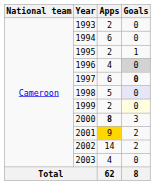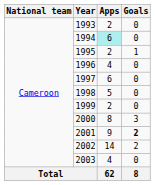 <table class="wikitable" style="text-align:center">
 <tr>
 <th>National team</th>
 <th>Year</th>
 <th>Apps</th>
 <th>Goals</th>
 </tr>
 <tr>
 <td rowspan="11"><a href='#'>Cameroon</a></td>
 <td>1993</td>
 <td>2</td>
 <td>0</td>
 </tr>
 <tr>
 <td>1994</td>
-<td>6</td>
+<td style="background: paleturquoise;">6</td>
 <td>0</td>
 </tr>
 <tr>
 <td>1995</td>
 <td>2</td>
 <td>1</td>
 </tr>
 <tr>
 <td>1996</td>
 <td>4</td>
-<td style="background: lightgrey;">0</td>
+<td>0</td>
 </tr>
 <tr>
 <td>1997</td>
 <td>6</td>
-<td><strong>0</strong></td>
+<td>0</td>
 </tr>
 <tr>
 <td>1998</td>
 <td>5</td>
-<td style="background: lavender;">0</td>
+<td>0</td>
 </tr>
 <tr>
 <td>1999</td>
 <td>2</td>
-<td style="background: lightyellow;">0</td>
+<td>0</td>
 </tr>
 <tr>
 <td>2000</td>
-<td><strong>8</strong></td>
+<td>8</td>
 <td>3</td>
 </tr>
 <tr>
 <td>2001</td>
-<td style="background: gold;">9</td>
-<td>2</td>
+<td>9</td>
+<td><strong>2</strong></td>
 </tr>
 <tr>
 <td>2002</td>
 <td>14</td>
 <td>2</td>
 </tr>
 <tr>
 <td>2003</td>
 <td>4</td>
 <td>0</td>
 </tr>
 <tr>
 <th colspan="2">Total</th>
 <th>62</th>
 <th>8</th>
 </tr>
 </table>
